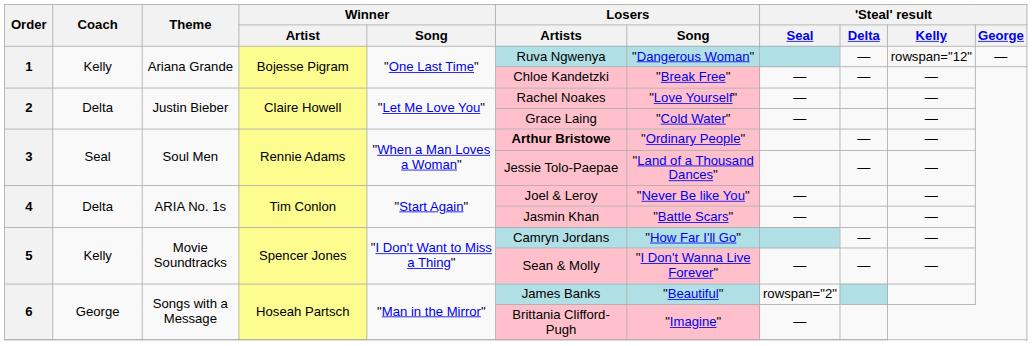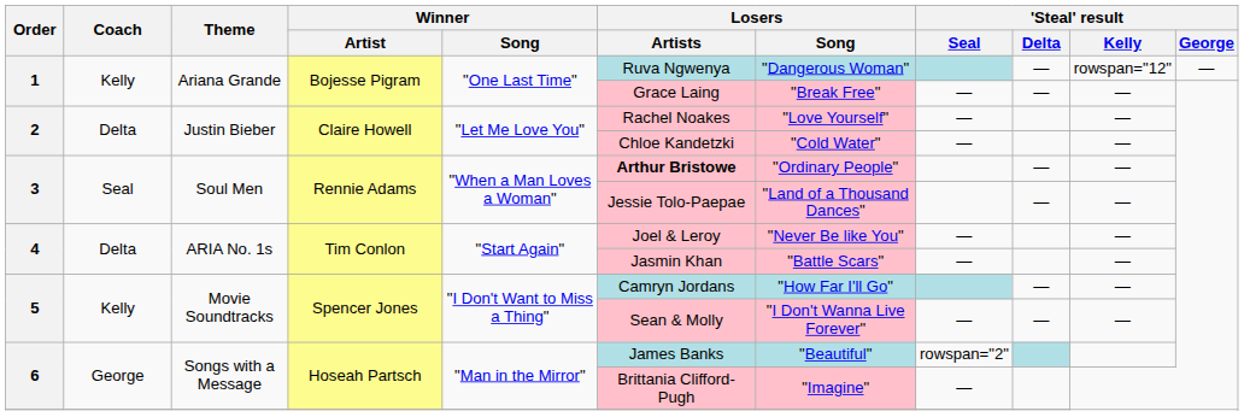 <table class="wikitable" style="text-align: center; width: auto;">
 <tr>
 <th rowspan="2" style="width:5%;">Order</th>
 <th rowspan="2" style="width:10%;">Coach</th>
 <th rowspan="2" style="width:10%;">Theme</th>
 <th colspan="2" style="width:15%;">Winner</th>
 <th colspan="2" style="width:60%;">Losers</th>
 <th colspan="4" style="width:20%;">'Steal' result</th>
 </tr>
 <tr>
 <th style="width:15%;">Artist</th>
 <th style="width:15%;">Song</th>
 <th style="width:15%;">Artists</th>
 <th style="width:15%;">Song</th>
 <th style="width:5%;"><a href='#'>Seal</a></th>
 <th style="width:5%;"><a href='#'>Delta</a></th>
 <th style="width:5%;"><a href='#'>Kelly</a></th>
 <th style="width:5%;"><a href='#'>George</a></th>
 </tr>
 <tr>
 <th rowspan="2">1</th>
 <td rowspan="2">Kelly</td>
 <td rowspan="2">Ariana Grande</td>
 <td rowspan="2" bgcolor="#fdfc8f">Bojesse Pigram</td>
 <td rowspan="2">"<a href='#'>One Last Time</a>"</td>
 <td bgcolor="#B0E0E6">Ruva Ngwenya</td>
 <td bgcolor="#B0E0E6">"<a href='#'>Dangerous Woman</a>"</td>
 <td style="background-color:#B0E0E6;"> <strong></strong> </td>
 <td>—</td>
 <td>rowspan="12" </td>
 <td>—</td>
 </tr>
 <tr>
-<td bgcolor="pink">Chloe Kandetzki</td>
+<td bgcolor="pink">Grace Laing</td>
 <td bgcolor="pink">"<a href='#'>Break Free</a>"</td>
 <td>—</td>
 <td>—</td>
 <td>—</td>
 </tr>
 <tr>
 <th rowspan="2">2</th>
 <td rowspan="2">Delta</td>
 <td rowspan="2">Justin Bieber</td>
 <td rowspan="2" bgcolor="#fdfc8f">Claire Howell</td>
 <td rowspan="2">"<a href='#'>Let Me Love You</a>"</td>
 <td bgcolor="pink">Rachel Noakes</td>
 <td bgcolor="pink">"<a href='#'>Love Yourself</a>"</td>
 <td>—</td>
 <td></td>
 <td>—</td>
 </tr>
 <tr>
-<td bgcolor="pink">Grace Laing</td>
+<td bgcolor="pink">Chloe Kandetzki</td>
 <td bgcolor="pink">"<a href='#'>Cold Water</a>"</td>
 <td>—</td>
 <td></td>
 <td>—</td>
 </tr>
 <tr>
 <th rowspan="2">3</th>
 <td rowspan="2">Seal</td>
 <td rowspan="2">Soul Men</td>
 <td rowspan="2" bgcolor="#fdfc8f">Rennie Adams</td>
 <td rowspan="2">"<a href='#'>When a Man Loves a Woman</a>"</td>
 <td bgcolor="pink"><strong>Arthur Bristowe</strong></td>
 <td bgcolor="pink">"<a href='#'>Ordinary People</a>"</td>
 <td></td>
 <td>—</td>
 <td>—</td>
 </tr>
 <tr>
 <td bgcolor="pink">Jessie Tolo-Paepae</td>
 <td bgcolor="pink">"<a href='#'>Land of a Thousand Dances</a>"</td>
 <td></td>
 <td>—</td>
 <td>—</td>
 </tr>
 <tr>
 <th rowspan="2">4</th>
 <td rowspan="2">Delta</td>
 <td rowspan="2">ARIA No. 1s</td>
 <td rowspan="2" bgcolor="#fdfc8f">Tim Conlon</td>
 <td rowspan="2">"<a href='#'>Start Again</a>"</td>
 <td bgcolor="pink">Joel & Leroy</td>
 <td bgcolor="pink">"<a href='#'>Never Be like You</a>"</td>
 <td>—</td>
 <td></td>
 <td>—</td>
 </tr>
 <tr>
 <td bgcolor="pink">Jasmin Khan</td>
 <td bgcolor="pink">"<a href='#'>Battle Scars</a>"</td>
 <td>—</td>
 <td></td>
 <td>—</td>
 </tr>
 <tr>
 <th rowspan="2">5</th>
 <td rowspan="2">Kelly</td>
 <td rowspan="2">Movie Soundtracks</td>
 <td rowspan="2" bgcolor="#fdfc8f">Spencer Jones</td>
 <td rowspan="2">"<a href='#'>I Don't Want to Miss a Thing</a>"</td>
 <td bgcolor="#B0E0E6">Camryn Jordans</td>
 <td bgcolor="#B0E0E6">"<a href='#'>How Far I'll Go</a>"</td>
 <td style="background-color:#B0E0E6;"> <strong></strong> </td>
 <td>—</td>
 <td>—</td>
 </tr>
 <tr>
 <td bgcolor="pink">Sean & Molly</td>
 <td bgcolor="pink">"<a href='#'>I Don't Wanna Live Forever</a>"</td>
 <td>—</td>
 <td>—</td>
 <td>—</td>
 </tr>
 <tr>
 <th rowspan="2">6</th>
 <td rowspan="2">George</td>
 <td rowspan="2">Songs with a Message</td>
 <td rowspan="2" bgcolor="#fdfc8f">Hoseah Partsch</td>
 <td rowspan="2">"<a href='#'>Man in the Mirror</a>"</td>
 <td bgcolor="#B0E0E6">James Banks</td>
 <td bgcolor="#B0E0E6">"<a href='#'>Beautiful</a>"</td>
 <td>rowspan="2" </td>
 <td style="background-color:#B0E0E6;"> <strong></strong> </td>
 <td></td>
 </tr>
 <tr>
 <td bgcolor="pink">Brittania Clifford-Pugh</td>
 <td bgcolor="pink">"<a href='#'>Imagine</a>"</td>
 <td>—</td>
 <td></td>
 </tr>
 <tr>
 </tr>
 </table>
